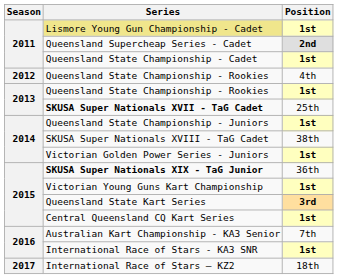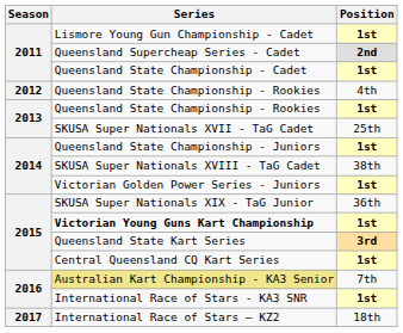 <table class="wikitable" style="font-size: 85%; text-align:center">
 <tr>
 <th>Season</th>
 <th>Series</th>
 <th>Position</th>
 </tr>
 <tr>
 <th rowspan=3>2011</th>
-<td align="left" style="background: khaki;">Lismore Young Gun Championship - Cadet</td>
+<td align="left">Lismore Young Gun Championship - Cadet</td>
 <td style="background: #ffffbf"><strong>1st</strong></td>
 </tr>
 <tr>
 <td align="left">Queensland Supercheap Series - Cadet</td>
 <td style="background: #dfdfdf"><strong>2nd</strong></td>
 </tr>
 <tr>
 <td align="left">Queensland State Championship - Cadet</td>
 <td style="background: #ffffbf"><strong>1st</strong></td>
 </tr>
 <tr>
 <th>2012</th>
 <td align="left">Queensland State Championship - Rookies</td>
 <td>4th</td>
 </tr>
 <tr>
 <th rowspan=2>2013</th>
 <td align="left">Queensland State Championship - Rookies</td>
 <td style="background: #ffffbf"><strong>1st</strong></td>
 </tr>
 <tr>
-<td align="left"><strong>SKUSA Super Nationals XVII - TaG Cadet</strong></td>
+<td align="left">SKUSA Super Nationals XVII - TaG Cadet</td>
 <td>25th</td>
 </tr>
 <tr>
 <th rowspan=3>2014</th>
 <td align="left">Queensland State Championship - Juniors</td>
 <td style="background: #ffffbf"><strong>1st</strong></td>
 </tr>
 <tr>
 <td align="left">SKUSA Super Nationals XVIII - TaG Cadet</td>
 <td>38th</td>
 </tr>
 <tr>
 <td align="left">Victorian Golden Power Series - Juniors</td>
 <td style="background: #ffffbf"><strong>1st</strong></td>
 </tr>
 <tr>
 <th rowspan=4>2015</th>
-<td align="left"><strong>SKUSA Super Nationals XIX - TaG Junior</strong></td>
+<td align="left">SKUSA Super Nationals XIX - TaG Junior</td>
 <td>36th</td>
 </tr>
 <tr>
-<td align="left">Victorian Young Guns Kart Championship</td>
+<td align="left"><strong>Victorian Young Guns Kart Championship</strong></td>
 <td style="background: #ffffbf"><strong>1st</strong></td>
 </tr>
 <tr>
 <td align="left">Queensland State Kart Series</td>
 <td style="background: #ffdf9f"><strong>3rd</strong></td>
 </tr>
 <tr>
 <td align="left">Central Queensland CQ Kart Series</td>
 <td style="background: #ffffbf"><strong>1st</strong></td>
 </tr>
 <tr>
 <th rowspan=2>2016</th>
-<td align="left">Australian Kart Championship - KA3 Senior</td>
+<td align="left" style="background: khaki;">Australian Kart Championship - KA3 Senior</td>
 <td>7th</td>
 </tr>
 <tr>
 <td align="left">International Race of Stars - KA3 SNR</td>
 <td style="background: #ffffbf"><strong>1st</strong></td>
 </tr>
 <tr>
 <th>2017</th>
 <td align="left">International Race of Stars – KZ2</td>
 <td>18th</td>
 </tr>
 </table>
